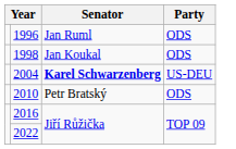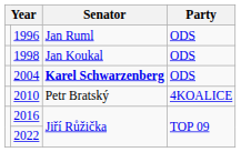 <table class="wikitable">
 <tr>
 <th colspan="2">Year</th>
 <th>Senator</th>
 <th>Party</th>
 </tr>
 <tr>
 <td style="background-color:"></td>
 <td><a href='#'>1996</a></td>
 <td><a href='#'>Jan Ruml</a></td>
 <td><a href='#'>ODS</a></td>
 </tr>
 <tr>
 <td style="background-color:"></td>
 <td><a href='#'>1998</a></td>
 <td><a href='#'>Jan Koukal</a></td>
 <td><a href='#'>ODS</a></td>
 </tr>
 <tr>
 <td style="background-color:"></td>
 <td><a href='#'>2004</a></td>
 <td><strong><a href='#'>Karel Schwarzenberg</a></strong></td>
-<td><a href='#'>US-DEU</a></td>
+<td><a href='#'>ODS</a></td>
 </tr>
 <tr>
 <td style="background-color:"></td>
 <td><a href='#'>2010</a></td>
 <td>Petr Bratský</td>
-<td><a href='#'>ODS</a></td>
+<td><a href='#'>4KOALICE</a></td>
 </tr>
 <tr>
 <td rowspan="2" style="background-color:"></td>
 <td><a href='#'>2016</a></td>
 <td rowspan="2"><a href='#'>Jiří Růžička</a></td>
 <td rowspan="2"><a href='#'>TOP 09</a></td>
 </tr>
 <tr>
 <td><a href='#'>2022</a></td>
 </tr>
 </table>
